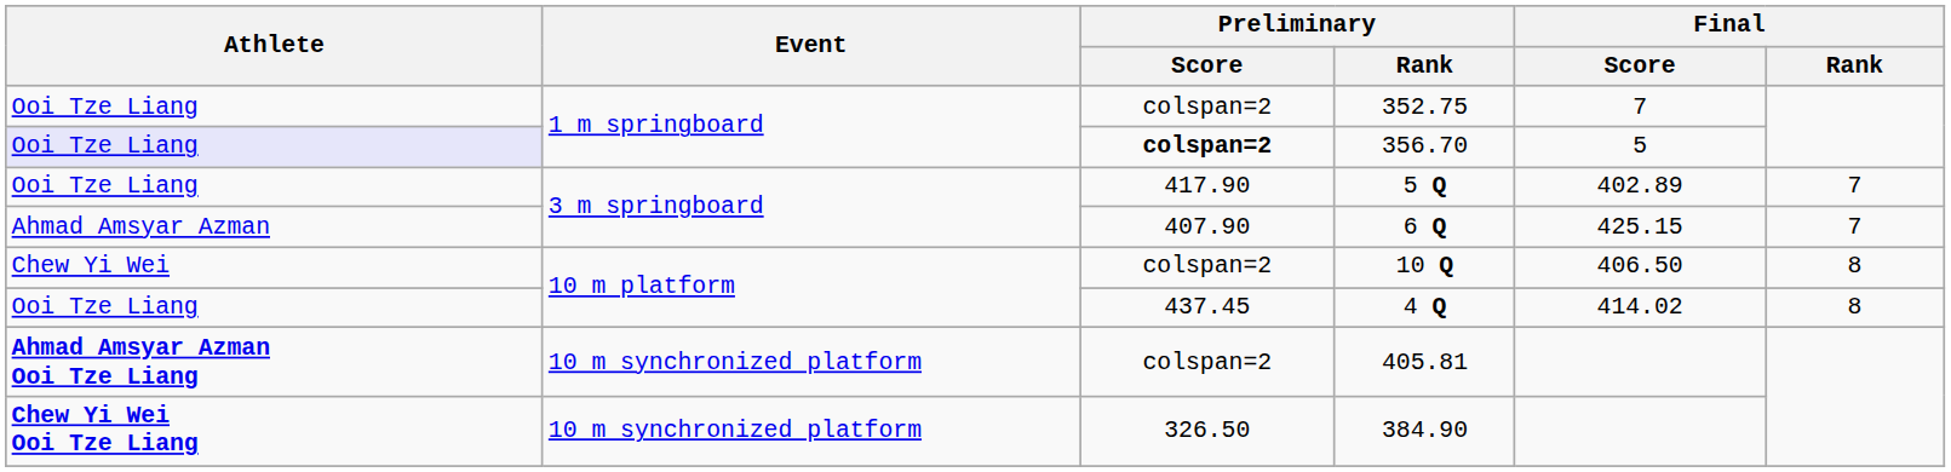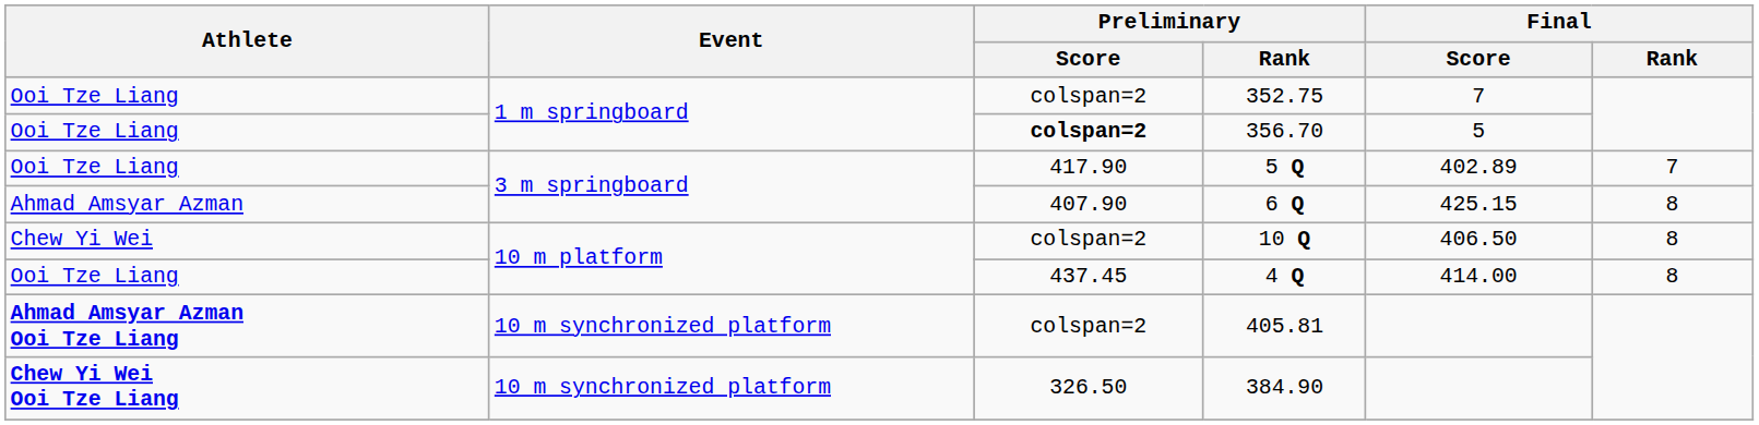 <table class="wikitable" width="75%" style="text-align:center; font-size:90%;">
 <tr>
 <th rowspan="2" width="15%">Athlete</th>
 <th rowspan="2" width="15%">Event</th>
 <th colspan="2" width="12%">Preliminary</th>
 <th colspan="2" width="12%">Final</th>
 </tr>
 <tr>
 <th width="7%">Score</th>
 <th>Rank</th>
 <th width="7%">Score</th>
 <th>Rank</th>
 </tr>
 <tr>
 <td align=left><a href='#'>Ooi Tze Liang</a></td>
 <td align=left rowspan=2><a href='#'>1 m springboard</a></td>
 <td>colspan=2 </td>
 <td>352.75</td>
 <td>7</td>
 </tr>
 <tr>
-<td align=left style="background: lavender;"><a href='#'>Ooi Tze Liang</a></td>
+<td align=left><a href='#'>Ooi Tze Liang</a></td>
 <td><strong>colspan=2 </strong></td>
 <td>356.70</td>
 <td>5</td>
 </tr>
 <tr>
 <td align=left><a href='#'>Ooi Tze Liang</a></td>
 <td align=left rowspan=2><a href='#'>3 m springboard</a></td>
 <td>417.90</td>
 <td>5 <strong>Q</strong></td>
 <td>402.89</td>
 <td>7</td>
 </tr>
 <tr>
 <td align=left><a href='#'>Ahmad Amsyar Azman</a></td>
 <td>407.90</td>
 <td>6 <strong>Q</strong></td>
 <td>425.15</td>
-<td>7</td>
+<td>8</td>
 </tr>
 <tr>
 <td align=left><a href='#'>Chew Yi Wei</a></td>
 <td align=left rowspan=2><a href='#'>10 m platform</a></td>
 <td>colspan=2 </td>
 <td>10 <strong>Q</strong></td>
 <td>406.50</td>
 <td>8</td>
 </tr>
 <tr>
 <td align=left><a href='#'>Ooi Tze Liang</a></td>
 <td>437.45</td>
 <td>4 <strong>Q</strong></td>
-<td>414.02</td>
+<td>414.00</td>
 <td>8</td>
 </tr>
 <tr>
 <td align=left><strong><a href='#'>Ahmad Amsyar Azman</a><br><a href='#'>Ooi Tze Liang</a></strong></td>
 <td align=left><a href='#'>10 m synchronized platform</a></td>
 <td>colspan=2 </td>
 <td>405.81</td>
 <td></td>
 </tr>
 <tr>
 <td align=left><strong><a href='#'>Chew Yi Wei</a><br><a href='#'>Ooi Tze Liang</a></strong></td>
 <td align=left><a href='#'>10 m synchronized platform</a></td>
 <td>326.50</td>
 <td>384.90</td>
 <td></td>
 </tr>
 </table>
